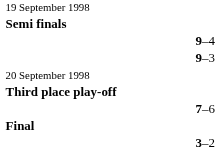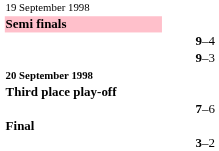 <table width=100% cellspacing=1>
 <tr>
 <th width=22%></th>
 <th width=12%></th>
 <th></th>
 </tr>
 <tr>
 <td><small>19 September 1998</small></td>
 </tr>
 <tr>
-<td><strong>Semi finals</strong></td>
+<td style="background: pink;"><strong>Semi finals</strong></td>
 </tr>
 <tr>
 <td align=right><strong></strong></td>
 <td align=center><strong>9</strong>–4</td>
 <td></td>
 </tr>
 <tr>
 <td align=right><strong></strong></td>
 <td align=center><strong>9</strong>–3</td>
 <td></td>
 </tr>
 <tr>
-<td><small>20 September 1998</small></td>
+<td><strong><small>20 September 1998</small></strong></td>
 </tr>
 <tr>
 <td><strong>Third place play-off</strong></td>
 </tr>
 <tr>
 <td align=right><strong></strong></td>
 <td align=center><strong>7</strong>–6</td>
 <td></td>
 </tr>
 <tr>
 <td><strong>Final</strong></td>
 </tr>
 <tr>
 <td align=right><strong></strong></td>
 <td align=center><strong>3</strong>–2</td>
 <td></td>
 </tr>
 </table>
